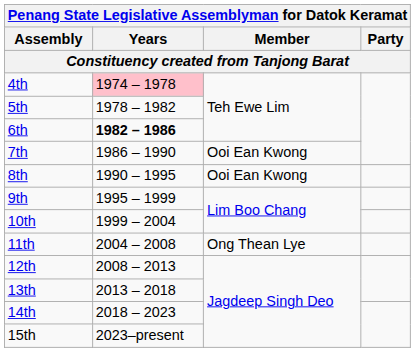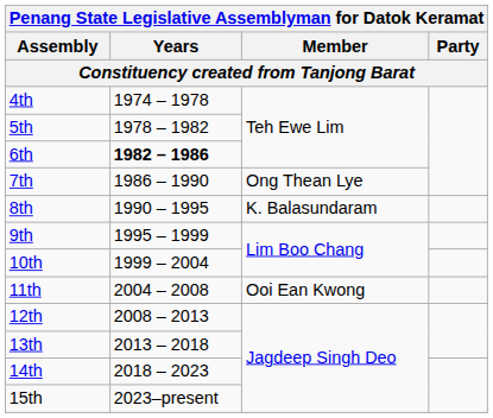 <table class="wikitable">
 <tr>
 <th colspan="4"><a href='#'>Penang State Legislative Assemblyman</a> for Datok Keramat</th>
 </tr>
 <tr>
 <th>Assembly</th>
 <th>Years</th>
 <th>Member</th>
 <th>Party</th>
 </tr>
 <tr>
 <th colspan="4" align="center"><em>Constituency created from Tanjong Barat</em></th>
 </tr>
 <tr>
 <td><a href='#'>4th</a></td>
-<td style="background: pink;">1974 – 1978</td>
+<td>1974 – 1978</td>
 <td rowspan="3">Teh Ewe Lim</td>
 <td rowspan="4"></td>
 </tr>
 <tr>
 <td><a href='#'>5th</a></td>
 <td>1978 – 1982</td>
 </tr>
 <tr>
 <td><a href='#'>6th</a></td>
 <td><strong>1982 – 1986</strong></td>
 </tr>
 <tr>
 <td><a href='#'>7th</a></td>
 <td>1986 – 1990</td>
-<td>Ooi Ean Kwong</td>
+<td>Ong Thean Lye</td>
 </tr>
 <tr>
 <td><a href='#'>8th</a></td>
 <td>1990 – 1995</td>
-<td>Ooi Ean Kwong</td>
+<td>K. Balasundaram</td>
 <td></td>
 </tr>
 <tr>
 <td><a href='#'>9th</a></td>
 <td>1995 – 1999</td>
 <td rowspan="2"><a href='#'>Lim Boo Chang</a></td>
 <td></td>
 </tr>
 <tr>
 <td><a href='#'>10th</a></td>
 <td>1999 – 2004</td>
 <td></td>
 </tr>
 <tr>
 <td><a href='#'>11th</a></td>
 <td>2004 – 2008</td>
-<td>Ong Thean Lye</td>
+<td>Ooi Ean Kwong</td>
 <td></td>
 </tr>
 <tr>
 <td><a href='#'>12th</a></td>
 <td>2008 – 2013</td>
 <td rowspan="4"><a href='#'>Jagdeep Singh Deo</a></td>
 <td rowspan="2"></td>
 </tr>
 <tr>
 <td><a href='#'>13th</a></td>
 <td>2013 – 2018</td>
 </tr>
 <tr>
 <td><a href='#'>14th</a></td>
 <td>2018 – 2023</td>
 <td rowspan=2></td>
 </tr>
 <tr>
 <td>15th</td>
 <td>2023–present</td>
 </tr>
 </table>
